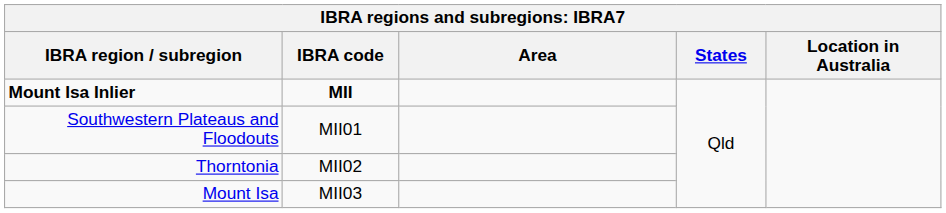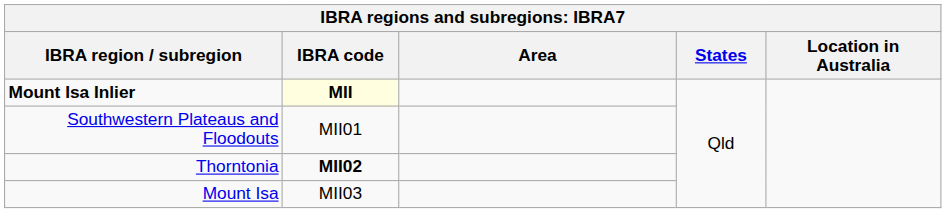 <table class="wikitable sortable">
 <tr>
 <th rowwidth=100px colspan=5>IBRA regions and subregions: IBRA7</th>
 </tr>
 <tr>
 <th scope="col" width="250px">IBRA region / subregion</th>
 <th scope="col" width="100px">IBRA code</th>
 <th scope="col" width="250px">Area</th>
 <th scope="col" width="75px"><a href='#'>States</a></th>
 <th>Location in Australia</th>
 </tr>
 <tr>
 <td><strong>Mount Isa Inlier</strong></td>
-<td align="center"><strong>MII</strong></td>
+<td align="center" style="background: lightyellow;"><strong>MII</strong></td>
 <td align="right"><strong></strong></td>
 <td align="center" rowspan=4>Qld</td>
 <td align="center" rowspan=4></td>
 </tr>
 <tr>
 <td align="right"><a href='#'>Southwestern Plateaus and Floodouts</a></td>
 <td align="center">MII01</td>
 <td align="right"></td>
 </tr>
 <tr>
 <td align="right"><a href='#'>Thorntonia</a></td>
-<td align="center">MII02</td>
+<td align="center"><strong>MII02</strong></td>
 <td align="right"></td>
 </tr>
 <tr>
 <td align="right"><a href='#'>Mount Isa</a></td>
 <td align="center">MII03</td>
 <td align="right"></td>
 </tr>
 </table>
